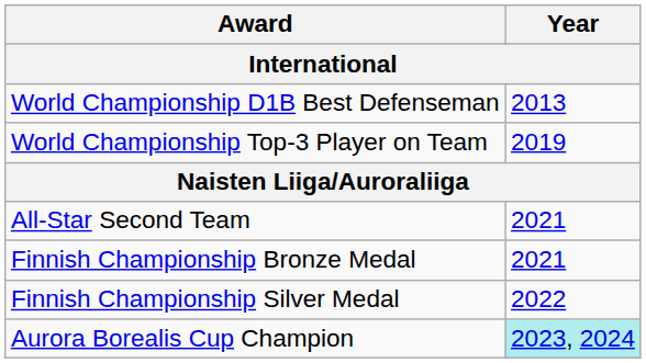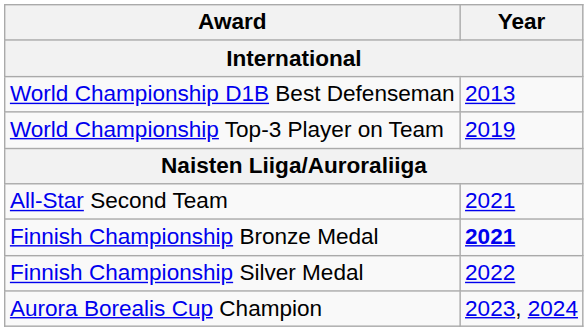 <table class="wikitable">
 <tr>
 <th scope="col">Award</th>
 <th scope="col">Year</th>
 </tr>
 <tr>
 <th colspan="2">International</th>
 </tr>
 <tr>
 <td><a href='#'>World Championship D1B</a> Best Defenseman</td>
 <td><a href='#'>2013</a></td>
 </tr>
 <tr>
 <td><a href='#'>World Championship</a> Top-3 Player on Team</td>
 <td><a href='#'>2019</a></td>
 </tr>
 <tr>
 <th colspan="2">Naisten Liiga/Auroraliiga</th>
 </tr>
 <tr>
 <td><a href='#'>All-Star</a> Second Team</td>
 <td><a href='#'>2021</a></td>
 </tr>
 <tr>
 <td><a href='#'>Finnish Championship</a> Bronze Medal</td>
-<td><a href='#'>2021</a></td>
+<td><strong><a href='#'>2021</a></strong></td>
 </tr>
 <tr>
 <td><a href='#'>Finnish Championship</a> Silver Medal</td>
 <td><a href='#'>2022</a></td>
 </tr>
 <tr>
 <td><a href='#'>Aurora Borealis Cup</a> Champion</td>
-<td style="background: paleturquoise;"><a href='#'>2023</a>, <a href='#'>2024</a></td>
+<td><a href='#'>2023</a>, <a href='#'>2024</a></td>
 </tr>
 </table>
